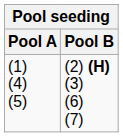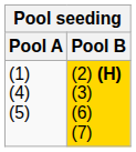 <table class="wikitable collapsible">
 <tr>
 <th colspan=2>Pool seeding</th>
 </tr>
 <tr>
 <th>Pool A</th>
 <th>Pool B</th>
 </tr>
 <tr>
 <td valign=top> (1)<br> (4)<br> (5)</td>
-<td valign=top> (2) <strong>(H)</strong> <br> (3)<br> (6)<br> (7)</td>
+<td valign=top style="background: gold;"> (2) <strong>(H)</strong> <br> (3)<br> (6)<br> (7)</td>
 </tr>
 </table>
